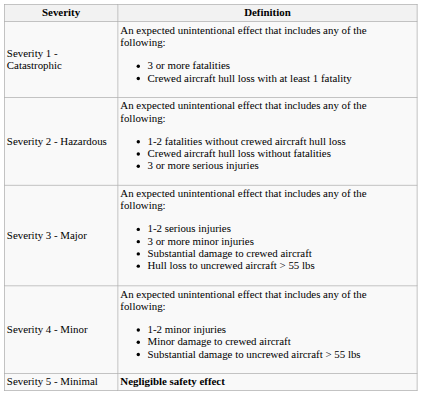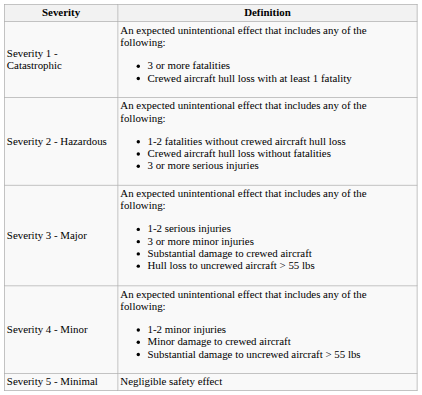 <table class=wikitable>
 <tr>
 <th>Severity</th>
 <th>Definition</th>
 </tr>
 <tr>
 <td>Severity 1 - Catastrophic</td>
 <td>An expected unintentional effect that includes any of the following:<br><ul><li>3 or more fatalities</li><li>Crewed aircraft hull loss with at least 1 fatality</li></ul></td>
 </tr>
 <tr>
 <td>Severity 2 - Hazardous</td>
 <td>An expected unintentional effect that includes any of the following:<br><ul><li>1-2 fatalities without crewed aircraft hull loss</li><li>Crewed aircraft hull loss without fatalities</li><li>3 or more serious injuries</li></ul></td>
 </tr>
 <tr>
 <td>Severity 3 - Major</td>
 <td>An expected unintentional effect that includes any of the following:<br><ul><li>1-2 serious injuries</li><li>3 or more minor injuries</li><li>Substantial damage to crewed aircraft</li><li>Hull loss to uncrewed aircraft > 55 lbs</li></ul></td>
 </tr>
 <tr>
 <td>Severity 4 - Minor</td>
 <td>An expected unintentional effect that includes any of the following:<br><ul><li>1-2 minor injuries</li><li>Minor damage to crewed aircraft</li><li>Substantial damage to uncrewed aircraft > 55 lbs</li></ul></td>
 </tr>
 <tr>
 <td>Severity 5 - Minimal</td>
-<td><strong>Negligible safety effect</strong></td>
+<td>Negligible safety effect</td>
 </tr>
 </table>
